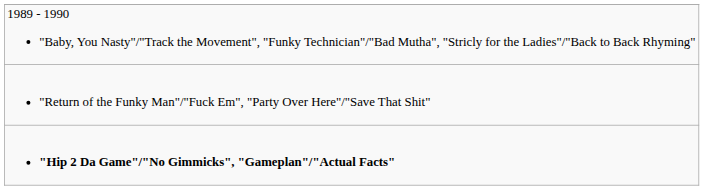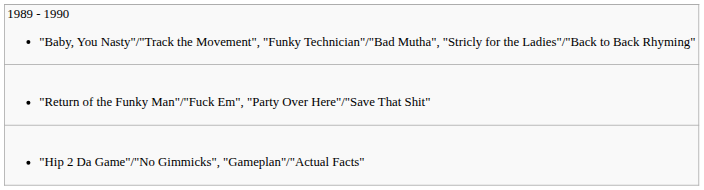 <table class="wikitable">
 <tr>
 </tr>
 <tr>
 <td>1989 - 1990<br><ul><li>"Baby, You Nasty"/"Track the Movement", "Funky Technician"/"Bad Mutha", "Stricly for the Ladies"/"Back to Back Rhyming"</li></ul></td>
 </tr>
 <tr>
 <td><br><ul><li>"Return of the Funky Man"/"Fuck Em", "Party Over Here"/"Save That Shit"</li></ul></td>
 </tr>
 <tr>
-<td><strong><br><ul><li>"Hip 2 Da Game"/"No Gimmicks", "Gameplan"/"Actual Facts"</li></ul></strong></td>
+<td><br><ul><li>"Hip 2 Da Game"/"No Gimmicks", "Gameplan"/"Actual Facts"</li></ul></td>
 </tr>
 </table>
